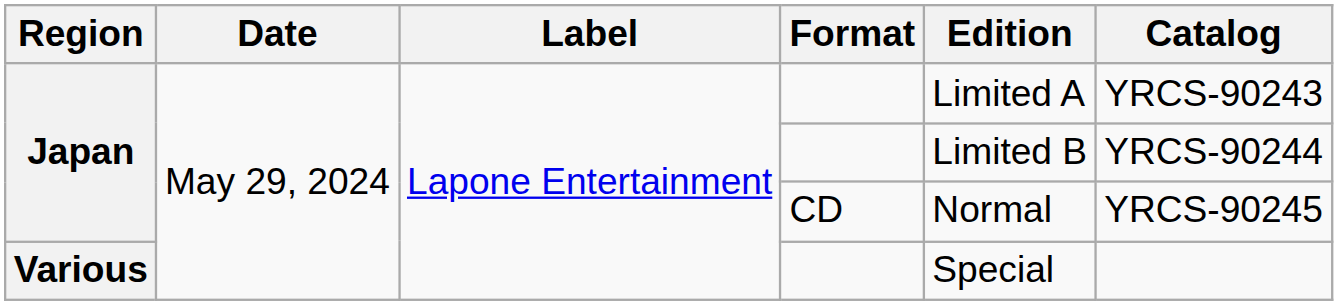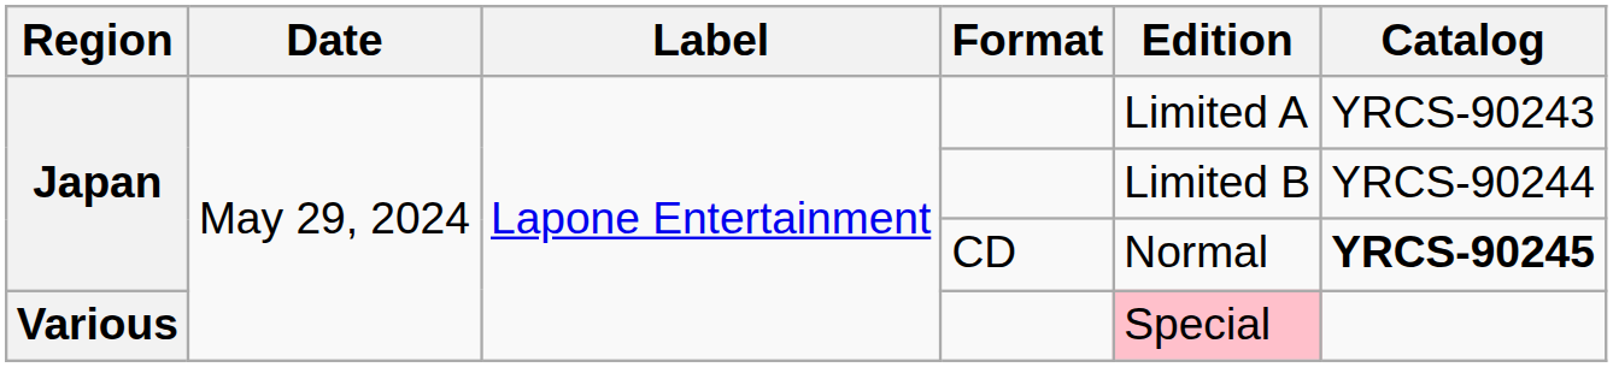 <table class="wikitable plainrowheaders">
 <tr>
 <th>Region</th>
 <th>Date</th>
 <th>Label</th>
 <th>Format</th>
 <th>Edition</th>
 <th>Catalog</th>
 </tr>
 <tr>
 <th rowspan="3" scope="row">Japan</th>
 <td rowspan="4">May 29, 2024</td>
 <td rowspan="4"><a href='#'>Lapone Entertainment</a></td>
 <td></td>
 <td>Limited A</td>
 <td>YRCS-90243</td>
 </tr>
 <tr>
 <td></td>
 <td>Limited B</td>
 <td>YRCS-90244</td>
 </tr>
 <tr>
 <td>CD</td>
 <td>Normal</td>
-<td>YRCS-90245</td>
+<td><strong>YRCS-90245</strong></td>
 </tr>
 <tr>
 <th scope="row">Various</th>
 <td></td>
-<td>Special</td>
+<td style="background: pink;">Special</td>
 <td></td>
 </tr>
 </table>
